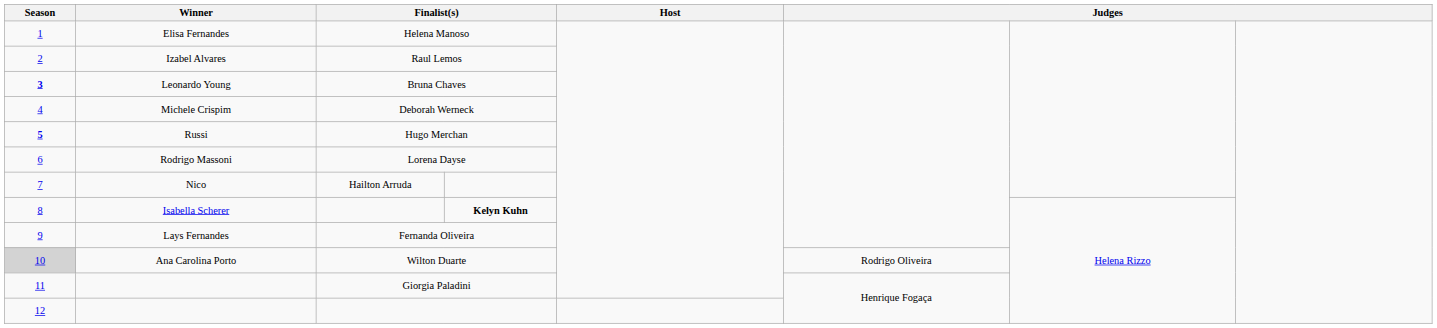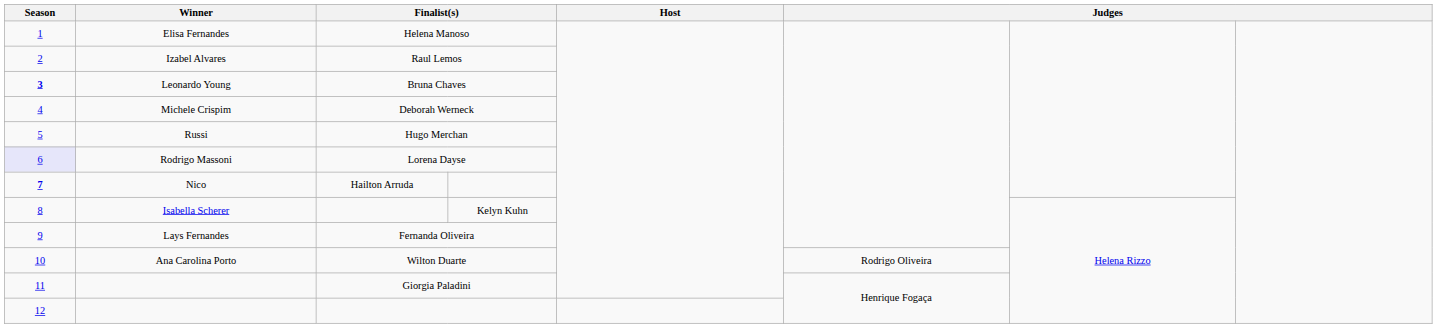 <table class="wikitable" style="text-align:center; font-size:90%; line-height:16px; width:100%;">
 <tr>
 <th scope="col" style="width:05.00%">Season</th>
 <th scope="col" style="width:16.85%">Winner</th>
 <th colspan=2 scope="col" style="width:16.85%">Finalist(s)</th>
 <th scope="col" style="width:15.85%">Host</th>
 <th scope="col" colspan=3>Judges</th>
 </tr>
 <tr style="height:35px">
 <td><a href='#'>1</a></td>
 <td>Elisa Fernandes</td>
 <td colspan="2">Helena Manoso</td>
 <td rowspan=11></td>
 <td rowspan=9 style="width:15.85%"></td>
 <td rowspan=7 style="width:15.85%"></td>
 <td rowspan=12 style="width:15.85%"></td>
 </tr>
 <tr style="height:35px">
 <td><a href='#'>2</a></td>
 <td>Izabel Alvares</td>
 <td colspan="2">Raul Lemos</td>
 </tr>
 <tr style="height:35px">
 <td><strong><a href='#'>3</a></strong></td>
 <td>Leonardo Young</td>
 <td colspan="2">Bruna Chaves</td>
 </tr>
 <tr style="height:35px">
 <td><a href='#'>4</a></td>
 <td>Michele Crispim</td>
 <td colspan="2">Deborah Werneck</td>
 </tr>
 <tr style="height:35px">
-<td><strong><a href='#'>5</a></strong></td>
+<td><a href='#'>5</a></td>
 <td> Russi</td>
 <td colspan="2">Hugo Merchan</td>
 </tr>
 <tr style="height:35px">
-<td><a href='#'>6</a></td>
+<td style="background: lavender;"><a href='#'>6</a></td>
 <td>Rodrigo Massoni</td>
 <td colspan="2">Lorena Dayse</td>
 </tr>
 <tr style="height:35px">
-<td><a href='#'>7</a></td>
+<td><strong><a href='#'>7</a></strong></td>
 <td> Nico</td>
 <td>Hailton Arruda</td>
 <td></td>
 </tr>
 <tr style="height:35px">
 <td><a href='#'>8</a></td>
 <td><a href='#'>Isabella Scherer</a></td>
 <td></td>
-<td><strong>Kelyn Kuhn</strong></td>
+<td>Kelyn Kuhn</td>
 <td rowspan=5 style="width:15.85%"><a href='#'>Helena Rizzo</a></td>
 </tr>
 <tr style="height:35px">
 <td><a href='#'>9</a></td>
 <td>Lays Fernandes</td>
 <td colspan="2">Fernanda Oliveira</td>
 </tr>
 <tr style="height:35px">
-<td style="background: lightgrey;"><a href='#'>10</a></td>
+<td><a href='#'>10</a></td>
 <td>Ana Carolina Porto</td>
 <td colspan="2">Wilton Duarte</td>
 <td rowspan=1 style="width:15.85%">Rodrigo Oliveira</td>
 </tr>
 <tr style="height:35px">
 <td><a href='#'>11</a></td>
 <td></td>
 <td colspan="2">Giorgia Paladini</td>
 <td rowspan=2 style="width:15.85%">Henrique Fogaça</td>
 </tr>
 <tr style="height:35px">
 <td><a href='#'>12</a></td>
 <td></td>
 <td colspan="2"></td>
 <td></td>
 </tr>
 </table>
